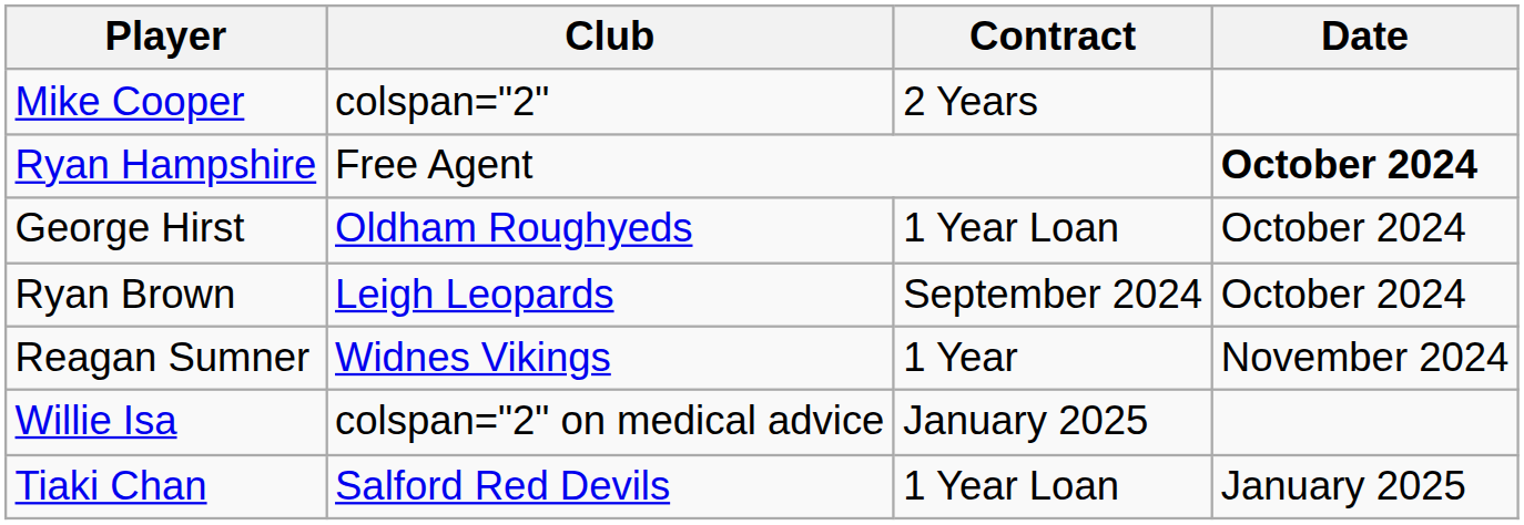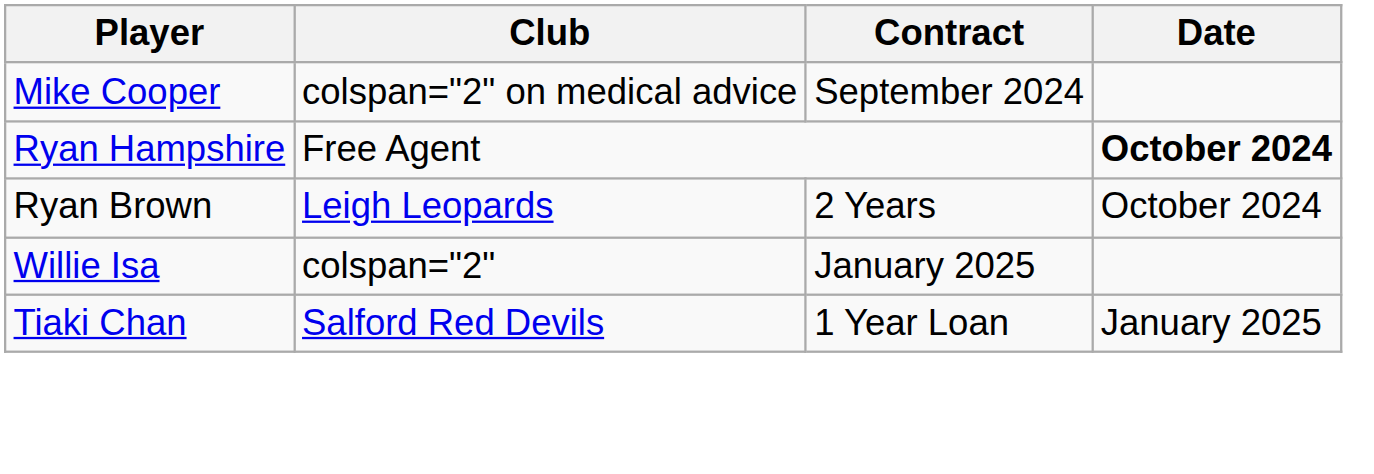 <table class="wikitable">
 <tr>
 <th>Player</th>
 <th>Club</th>
 <th>Contract</th>
 <th>Date</th>
 </tr>
 <tr>
 <td> <a href='#'>Mike Cooper</a></td>
-<td>colspan="2"</td>
-<td>2 Years</td>
+<td>colspan="2" on medical advice</td>
+<td>September 2024</td>
 </tr>
 <tr>
 <td> <a href='#'>Ryan Hampshire</a></td>
 <td colspan="2">Free Agent</td>
 <td><strong>October 2024</strong></td>
 </tr>
 <tr>
-<td> George Hirst</td>
-<td> <a href='#'>Oldham Roughyeds</a></td>
-<td>1 Year Loan</td>
+<td> Ryan Brown</td>
+<td> <a href='#'>Leigh Leopards</a></td>
+<td>2 Years</td>
 <td>October 2024</td>
 </tr>
 <tr>
-<td> Ryan Brown</td>
-<td> <a href='#'>Leigh Leopards</a></td>
-<td>September 2024</td>
-<td>October 2024</td>
-</tr>
-<tr>
-<td> Reagan Sumner</td>
-<td> <a href='#'>Widnes Vikings</a></td>
-<td>1 Year</td>
-<td>November 2024</td>
-</tr>
-<tr>
 <td> <a href='#'>Willie Isa</a></td>
-<td>colspan="2" on medical advice</td>
+<td>colspan="2"</td>
 <td>January 2025</td>
 </tr>
 <tr>
 <td> <a href='#'>Tiaki Chan</a></td>
 <td> <a href='#'>Salford Red Devils</a></td>
 <td>1 Year Loan</td>
 <td>January 2025</td>
 </tr>
 </table>
